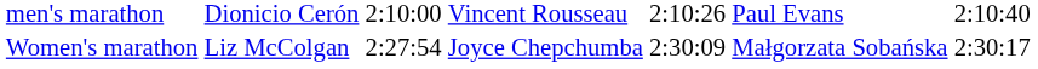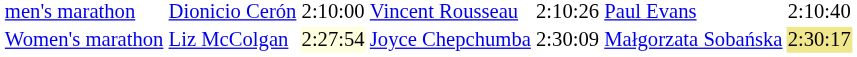 <table>
 <tr>
 <td><a href='#'>men's marathon</a></td>
 <td> <a href='#'>Dionicio Cerón</a></td>
 <td>2:10:00</td>
 <td> <a href='#'>Vincent Rousseau</a></td>
 <td>2:10:26</td>
 <td><a href='#'>Paul Evans</a></td>
 <td>2:10:40</td>
 </tr>
 <tr>
 <td><a href='#'>Women's marathon</a></td>
 <td> <a href='#'>Liz McColgan</a></td>
-<td>2:27:54</td>
+<td style="background: lightyellow;">2:27:54</td>
 <td> <a href='#'>Joyce Chepchumba</a></td>
 <td>2:30:09</td>
 <td> <a href='#'>Małgorzata Sobańska</a></td>
-<td>2:30:17</td>
+<td style="background: khaki;">2:30:17</td>
 </tr>
 </table>
